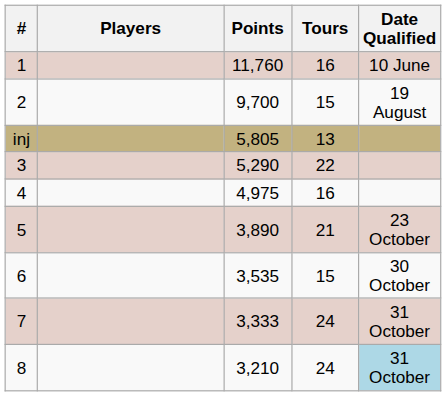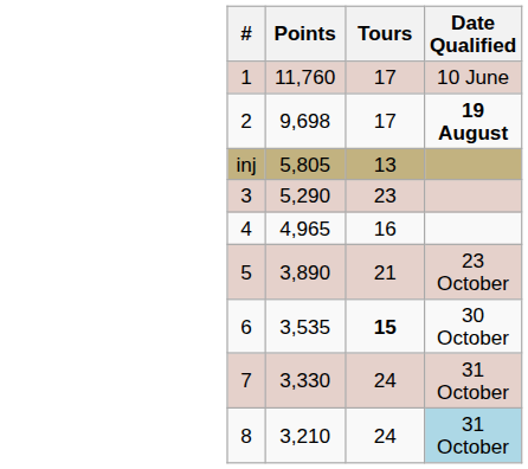 <table class="sortable wikitable" style="float:right;margin-left:1em;text-align:center;font-size:90%;text:justify;">
 <tr>
 <th width=20>#</th>
-<th width=150>Players</th>
 <th width=50>Points</th>
 <th width=50>Tours</th>
 <th width=60>Date Qualified</th>
 </tr>
 <tr align=center bgcolor=#e5d1cb>
 <td>1</td>
-<td align=left></td>
 <td>11,760</td>
-<td>16</td>
+<td>17</td>
 <td>10 June</td>
 </tr>
 <tr align=center>
 <td>2</td>
-<td align=left></td>
-<td>9,700</td>
-<td>15</td>
-<td>19 August</td>
+<td>9,698</td>
+<td>17</td>
+<td><strong>19 August</strong></td>
 </tr>
 <tr style="text-align:center; background:#c2b280;">
 <td>inj</td>
-<td align=left></td>
 <td>5,805</td>
 <td>13</td>
 <td></td>
 </tr>
 <tr align=center bgcolor=#e5d1cb>
 <td>3</td>
-<td align=left></td>
 <td>5,290</td>
-<td>22</td>
+<td>23</td>
 <td></td>
 </tr>
 <tr align=center>
 <td>4</td>
-<td align=left></td>
-<td>4,975</td>
+<td>4,965</td>
 <td>16</td>
 <td></td>
 </tr>
 <tr align=center bgcolor=#e5d1cb>
 <td>5</td>
-<td align=left></td>
 <td>3,890</td>
 <td>21</td>
 <td>23 October</td>
 </tr>
 <tr align=center>
 <td>6</td>
-<td align=left></td>
 <td>3,535</td>
-<td>15</td>
+<td><strong>15</strong></td>
 <td>30 October</td>
 </tr>
 <tr align=center bgcolor=#e5d1cb>
 <td>7</td>
-<td align=left></td>
-<td>3,333</td>
+<td>3,330</td>
 <td>24</td>
 <td>31 October</td>
 </tr>
 <tr align=center>
 <td>8</td>
-<td align=left></td>
 <td>3,210</td>
 <td>24</td>
 <td style="background: lightblue;">31 October</td>
 </tr>
 </table>
